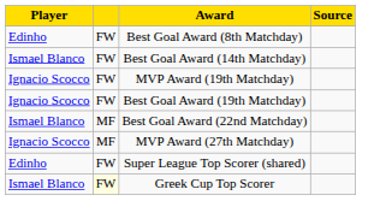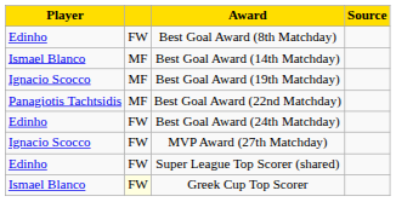 <table class="wikitable">
 <tr>
 <th style="background:#FFDE00">Player</th>
 <th style="background:#FFDE00"></th>
 <th style="background:#FFDE00">Award</th>
 <th style="background:#FFDE00">Source</th>
 </tr>
 <tr>
 <td> <a href='#'>Edinho</a></td>
 <td align="center">FW</td>
 <td align="center">Best Goal Award (8th Matchday)</td>
 <td align="center"></td>
 </tr>
 <tr>
 <td> <a href='#'>Ismael Blanco</a></td>
-<td align="center">FW</td>
+<td align="center">MF</td>
 <td align="center">Best Goal Award (14th Matchday)</td>
 <td align="center"></td>
 </tr>
 <tr>
 <td> <a href='#'>Ignacio Scocco</a></td>
+<td align="center">MF</td>
+<td align="center">Best Goal Award (19th Matchday)</td>
+<td align="center"></td>
+</tr>
+<tr>
+<td> <a href='#'>Panagiotis Tachtsidis</a></td>
+<td align="center">MF</td>
+<td align="center">Best Goal Award (22nd Matchday)</td>
+<td align="center"></td>
+</tr>
+<tr>
+<td> <a href='#'>Edinho</a></td>
 <td align="center">FW</td>
-<td align="center">MVP Award (19th Matchday)</td>
+<td align="center">Best Goal Award (24th Matchday)</td>
 <td align="center"></td>
 </tr>
 <tr>
 <td> <a href='#'>Ignacio Scocco</a></td>
 <td align="center">FW</td>
-<td align="center">Best Goal Award (19th Matchday)</td>
-<td align="center"></td>
-</tr>
-<tr>
-<td> <a href='#'>Ismael Blanco</a></td>
-<td align="center">MF</td>
-<td align="center">Best Goal Award (22nd Matchday)</td>
-<td align="center"></td>
-</tr>
-<tr>
-<td> <a href='#'>Ignacio Scocco</a></td>
-<td align="center">MF</td>
 <td align="center">MVP Award (27th Matchday)</td>
 <td align="center"></td>
 </tr>
 <tr>
 <td> <a href='#'>Edinho</a></td>
 <td align="center">FW</td>
 <td align="center">Super League Top Scorer (shared)</td>
 <td align="center"></td>
 </tr>
 <tr>
 <td> <a href='#'>Ismael Blanco</a></td>
 <td align="center" style="background: lightyellow;">FW</td>
 <td align="center">Greek Cup Top Scorer</td>
 <td align="center"></td>
 </tr>
 </table>
